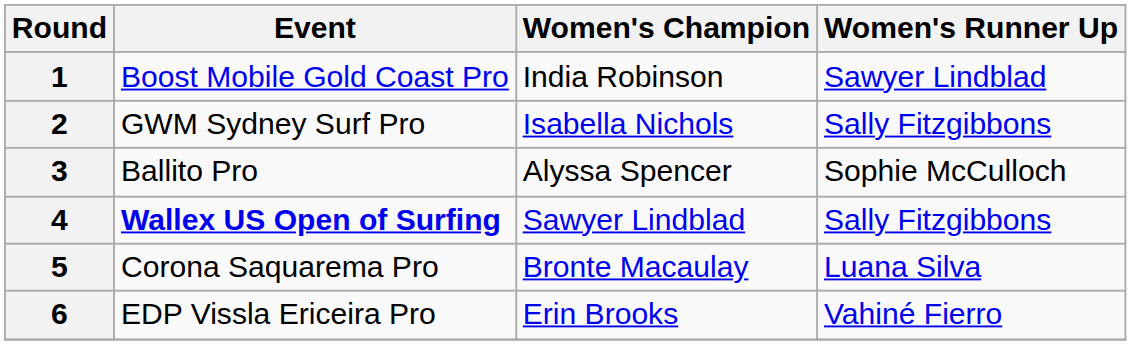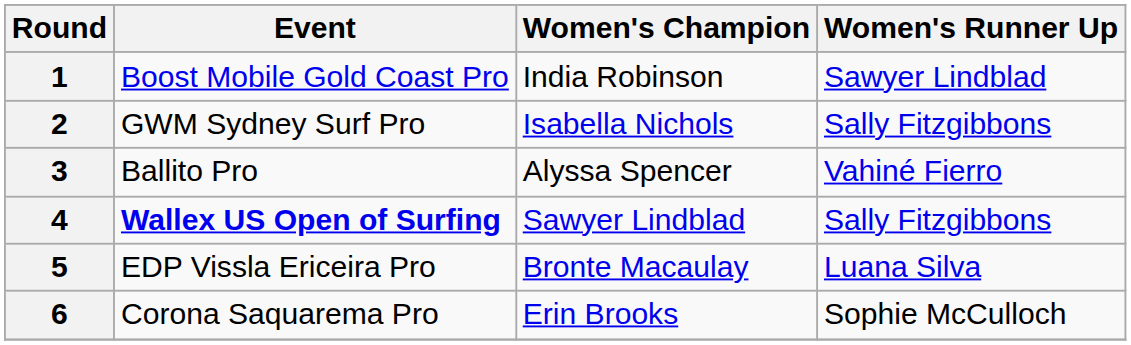 <table class="wikitable">
 <tr>
 <th>Round</th>
 <th>Event</th>
 <th>Women's Champion</th>
 <th>Women's Runner Up</th>
 </tr>
 <tr>
 <th>1</th>
 <td> <a href='#'>Boost Mobile Gold Coast Pro</a></td>
 <td> India Robinson</td>
 <td> <a href='#'>Sawyer Lindblad</a></td>
 </tr>
 <tr>
 <th>2</th>
 <td> GWM Sydney Surf Pro</td>
 <td> <a href='#'>Isabella Nichols</a></td>
 <td> <a href='#'>Sally Fitzgibbons</a></td>
 </tr>
 <tr>
 <th>3</th>
 <td> Ballito Pro</td>
 <td> Alyssa Spencer</td>
-<td> Sophie McCulloch</td>
+<td> <a href='#'>Vahiné Fierro</a></td>
 </tr>
 <tr>
 <th>4</th>
 <td><strong> <a href='#'>Wallex US Open of Surfing</a></strong></td>
 <td> <a href='#'>Sawyer Lindblad</a></td>
 <td> <a href='#'>Sally Fitzgibbons</a></td>
 </tr>
 <tr>
 <th>5</th>
-<td> Corona Saquarema Pro</td>
+<td> EDP Vissla Ericeira Pro</td>
 <td> <a href='#'>Bronte Macaulay</a></td>
 <td> <a href='#'>Luana Silva</a></td>
 </tr>
 <tr>
 <th>6</th>
-<td> EDP Vissla Ericeira Pro</td>
+<td> Corona Saquarema Pro</td>
 <td> <a href='#'>Erin Brooks</a></td>
-<td> <a href='#'>Vahiné Fierro</a></td>
+<td> Sophie McCulloch</td>
 </tr>
 <tr>
 </tr>
 </table>
